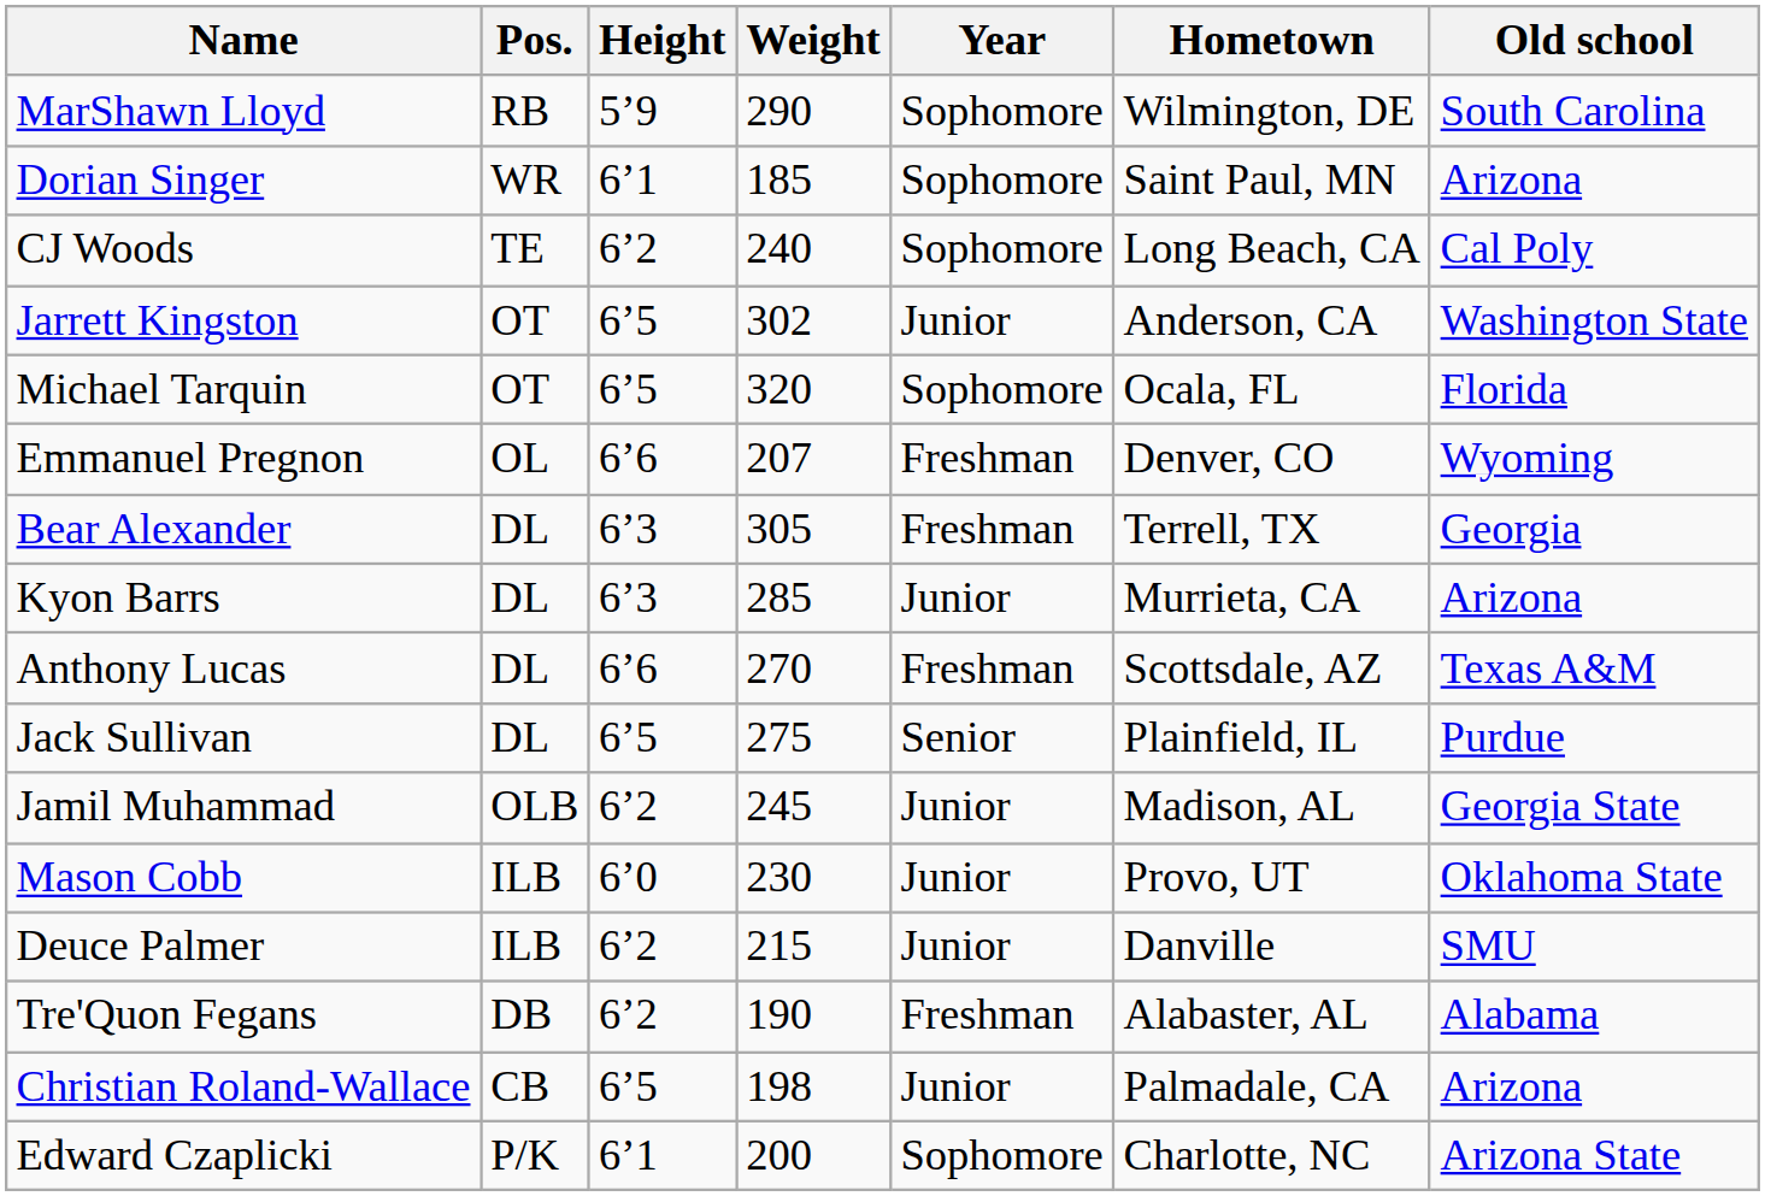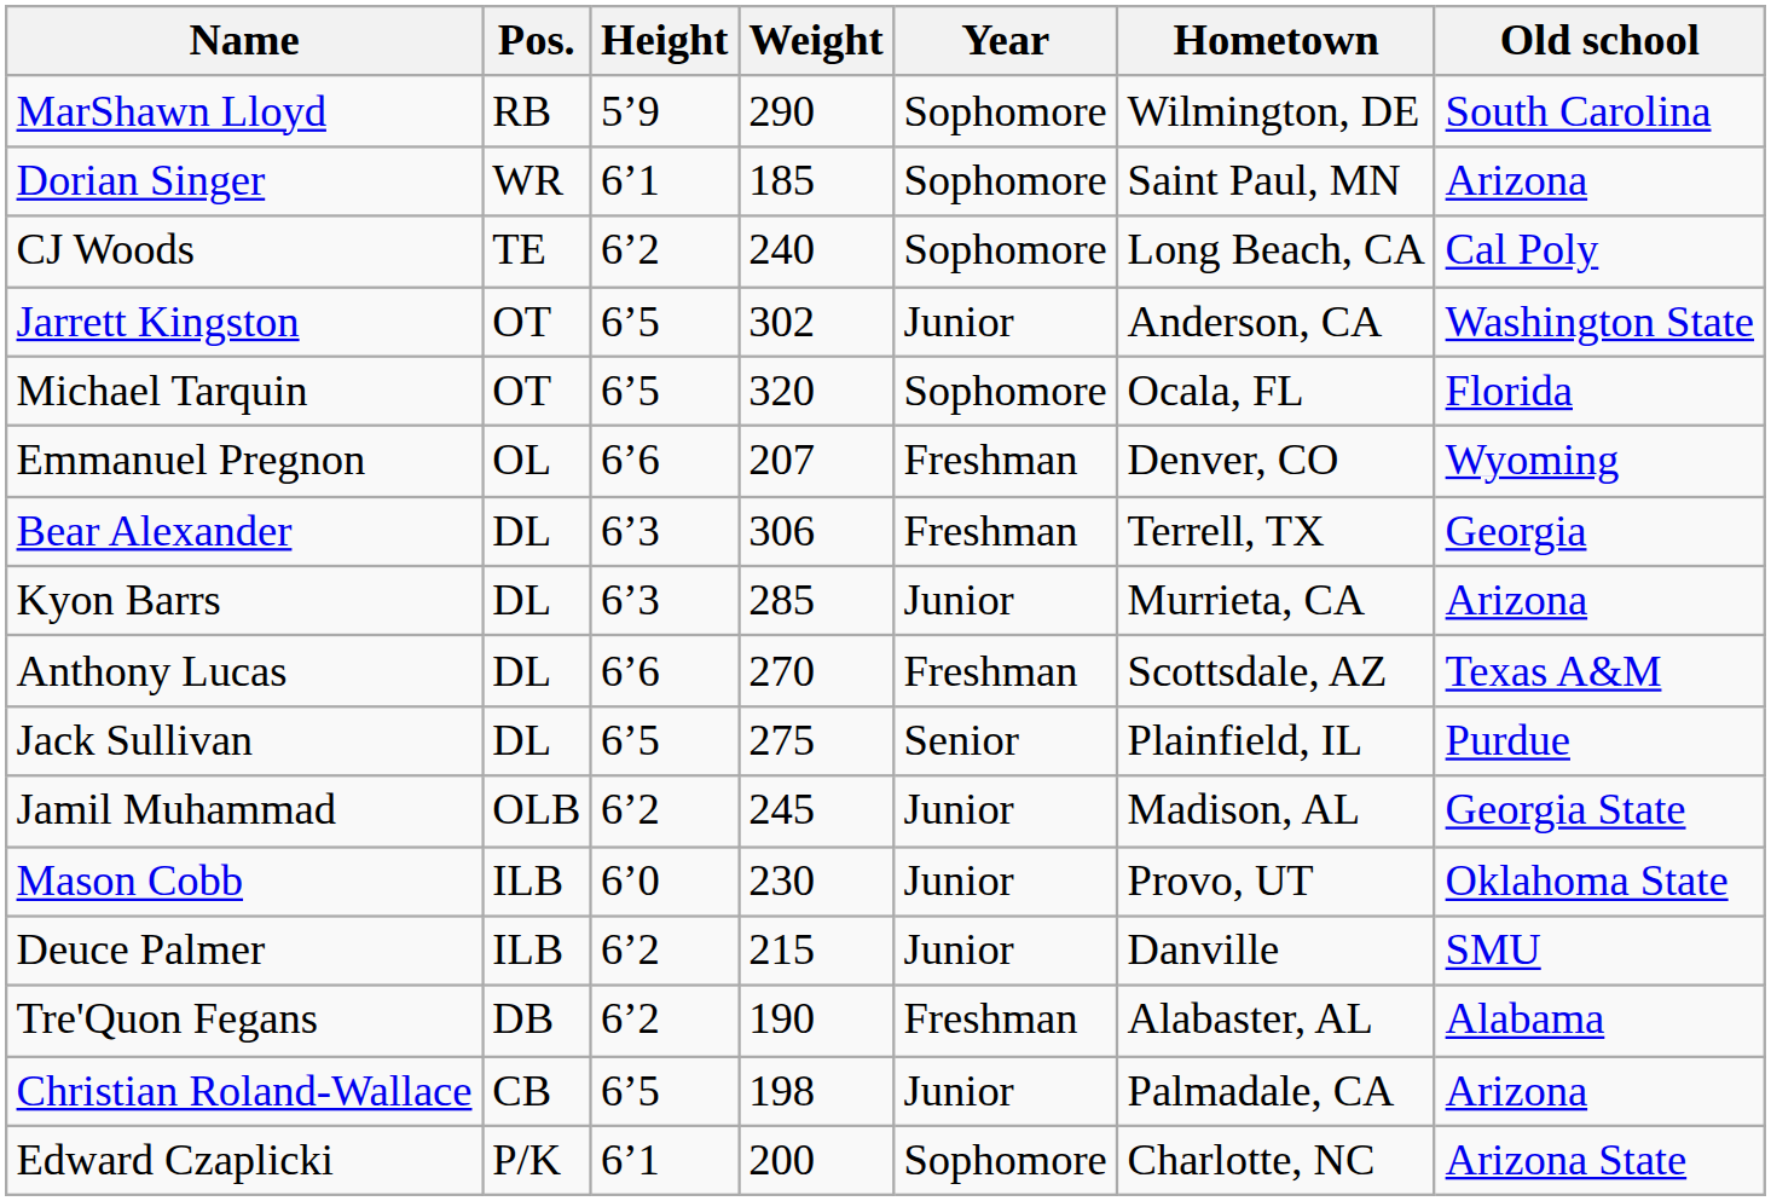 <table class="wikitable sortable">
 <tr>
 <th style="text-align:center; ">Name</th>
 <th style="text-align:center;">Pos.</th>
 <th style="text-align:center; ">Height</th>
 <th style="text-align:center; ">Weight</th>
 <th style="text-align:center; ">Year</th>
 <th style="text-align:center; ">Hometown</th>
 <th style="text-align:center; ">Old school</th>
 </tr>
 <tr>
 <td><a href='#'>MarShawn Lloyd</a></td>
 <td>RB</td>
 <td>5’9</td>
 <td>290</td>
 <td> Sophomore</td>
 <td>Wilmington, DE</td>
 <td><a href='#'>South Carolina</a></td>
 </tr>
 <tr>
 <td><a href='#'>Dorian Singer</a></td>
 <td>WR</td>
 <td>6’1</td>
 <td>185</td>
 <td>Sophomore</td>
 <td>Saint Paul, MN</td>
 <td><a href='#'>Arizona</a></td>
 </tr>
 <tr>
 <td>CJ Woods</td>
 <td>TE</td>
 <td>6’2</td>
 <td>240</td>
 <td> Sophomore</td>
 <td>Long Beach, CA</td>
 <td><a href='#'>Cal Poly</a></td>
 </tr>
 <tr>
 <td><a href='#'>Jarrett Kingston</a></td>
 <td>OT</td>
 <td>6’5</td>
 <td>302</td>
 <td> Junior</td>
 <td>Anderson, CA</td>
 <td><a href='#'>Washington State</a></td>
 </tr>
 <tr>
 <td>Michael Tarquin</td>
 <td>OT</td>
 <td>6’5</td>
 <td>320</td>
 <td> Sophomore</td>
 <td>Ocala, FL</td>
 <td><a href='#'>Florida</a></td>
 </tr>
 <tr>
 <td>Emmanuel Pregnon</td>
 <td>OL</td>
 <td>6’6</td>
 <td>207</td>
 <td> Freshman</td>
 <td>Denver, CO</td>
 <td><a href='#'>Wyoming</a></td>
 </tr>
 <tr>
 <td><a href='#'>Bear Alexander</a></td>
 <td>DL</td>
 <td>6’3</td>
-<td>305</td>
+<td>306</td>
 <td>Freshman</td>
 <td>Terrell, TX</td>
 <td><a href='#'>Georgia</a></td>
 </tr>
 <tr>
 <td>Kyon Barrs</td>
 <td>DL</td>
 <td>6’3</td>
 <td>285</td>
 <td>Junior</td>
 <td>Murrieta, CA</td>
 <td><a href='#'>Arizona</a></td>
 </tr>
 <tr>
 <td>Anthony Lucas</td>
 <td>DL</td>
 <td>6’6</td>
 <td>270</td>
 <td>Freshman</td>
 <td>Scottsdale, AZ</td>
 <td><a href='#'>Texas A&M</a></td>
 </tr>
 <tr>
 <td>Jack Sullivan</td>
 <td>DL</td>
 <td>6’5</td>
 <td>275</td>
 <td> Senior</td>
 <td>Plainfield, IL</td>
 <td><a href='#'>Purdue</a></td>
 </tr>
 <tr>
 <td>Jamil Muhammad</td>
 <td>OLB</td>
 <td>6’2</td>
 <td>245</td>
 <td> Junior</td>
 <td>Madison, AL</td>
 <td><a href='#'>Georgia State</a></td>
 </tr>
 <tr>
 <td><a href='#'>Mason Cobb</a></td>
 <td>ILB</td>
 <td>6’0</td>
 <td>230</td>
 <td>Junior</td>
 <td>Provo, UT</td>
 <td><a href='#'>Oklahoma State</a></td>
 </tr>
 <tr>
 <td>Deuce Palmer</td>
 <td>ILB</td>
 <td>6’2</td>
 <td>215</td>
 <td> Junior</td>
 <td>Danville</td>
 <td><a href='#'>SMU</a></td>
 </tr>
 <tr>
 <td>Tre'Quon Fegans</td>
 <td>DB</td>
 <td>6’2</td>
 <td>190</td>
 <td>Freshman</td>
 <td>Alabaster, AL</td>
 <td><a href='#'>Alabama</a></td>
 </tr>
 <tr>
 <td><a href='#'>Christian Roland-Wallace</a></td>
 <td>CB</td>
 <td>6’5</td>
 <td>198</td>
 <td>Junior</td>
 <td>Palmadale, CA</td>
 <td><a href='#'>Arizona</a></td>
 </tr>
 <tr>
 <td>Edward Czaplicki</td>
 <td>P/K</td>
 <td>6’1</td>
 <td>200</td>
 <td>Sophomore</td>
 <td>Charlotte, NC</td>
 <td><a href='#'>Arizona State</a></td>
 </tr>
 </table>
